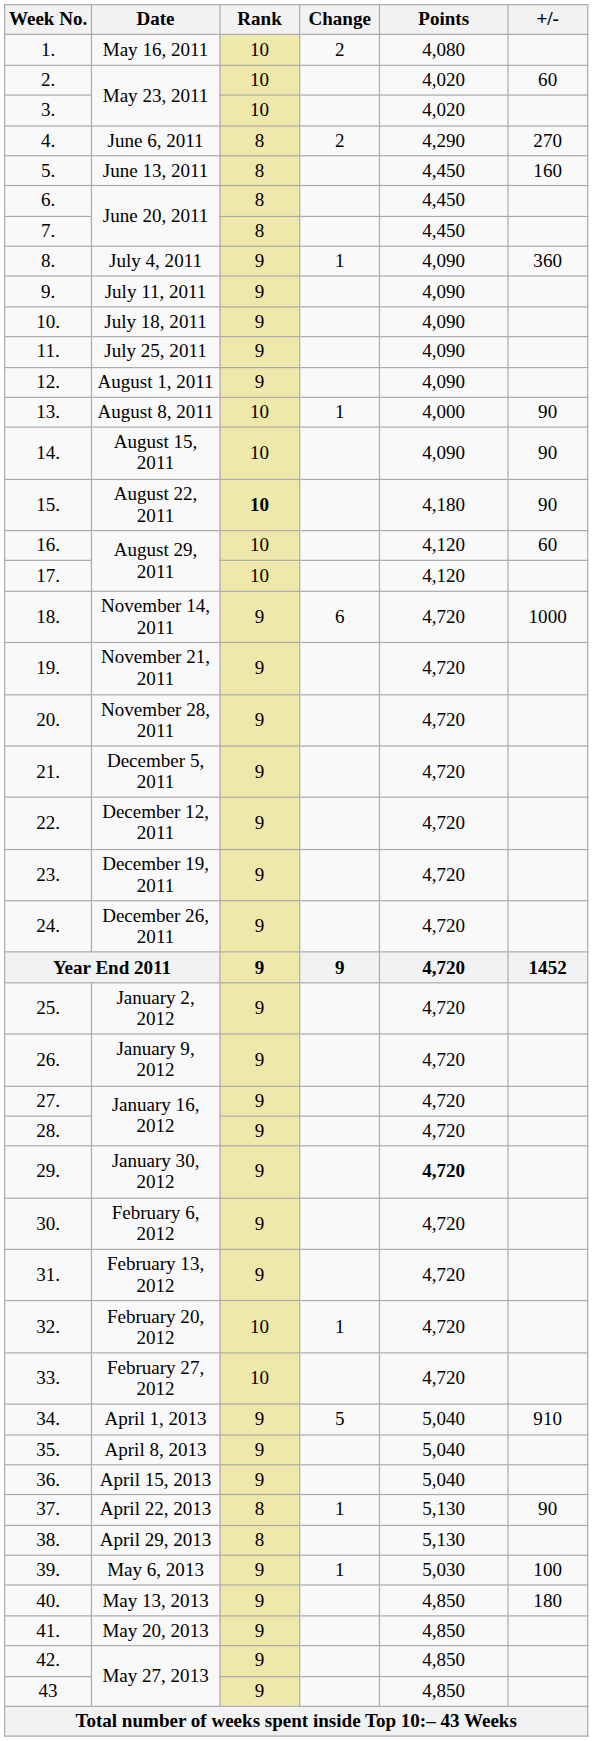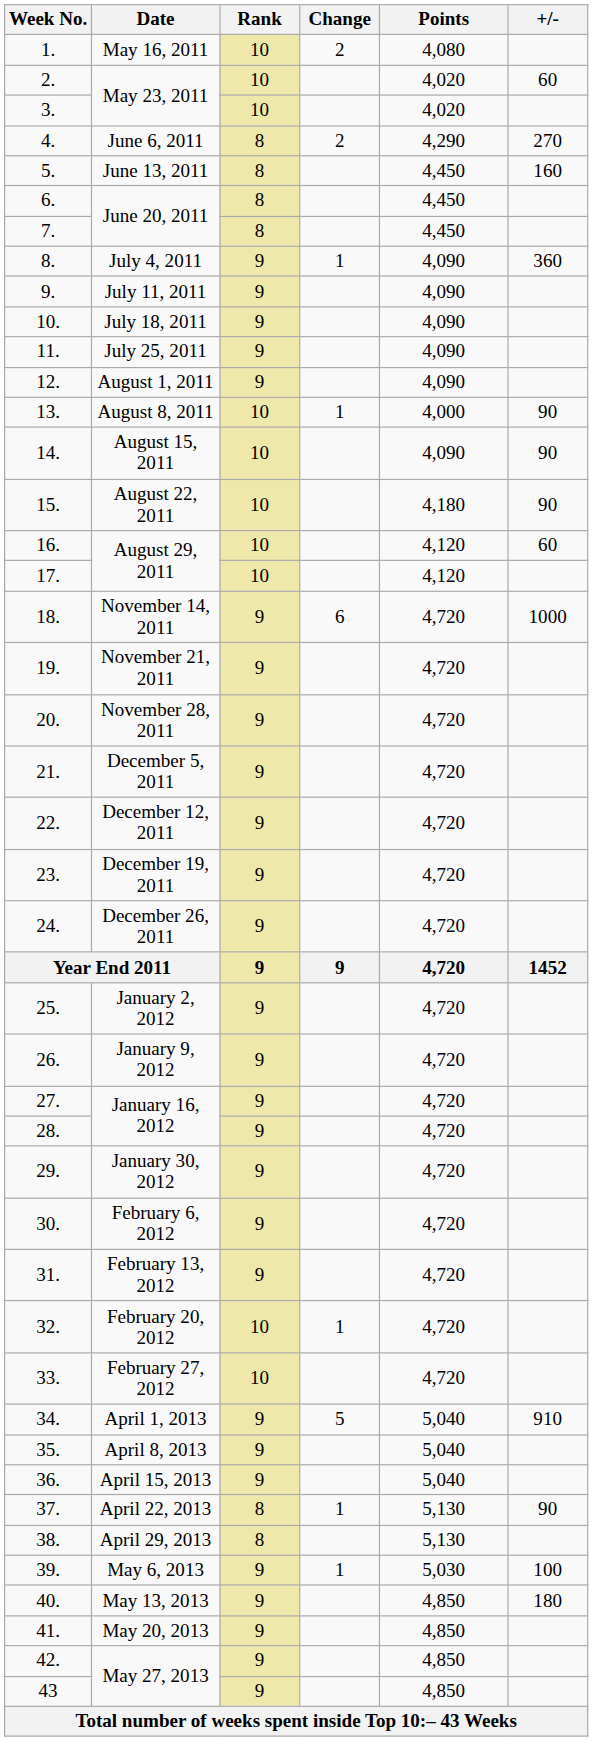 <table class="wikitable nowrap" style="text-align:center; display:inline-table;">
 <tr>
 <th style="text-align:center;">Week No.</th>
 <th width="100">Date</th>
 <th width="60">Rank</th>
 <th width="60">Change</th>
 <th width="100">Points</th>
 <th width="60">+/-</th>
 </tr>
 <tr>
 <td>1.</td>
 <td>May 16, 2011</td>
 <td bgcolor=#EEE8AA>10</td>
 <td> 2</td>
 <td>4,080</td>
 <td></td>
 </tr>
 <tr>
 <td>2.</td>
 <td rowspan=2>May 23, 2011</td>
 <td bgcolor=#EEE8AA>10</td>
 <td></td>
 <td>4,020</td>
 <td> 60</td>
 </tr>
 <tr>
 <td>3.</td>
 <td bgcolor=#EEE8AA>10</td>
 <td></td>
 <td>4,020</td>
 <td></td>
 </tr>
 <tr>
 <td>4.</td>
 <td>June 6, 2011</td>
 <td bgcolor=#EEE8AA>8</td>
 <td> 2</td>
 <td>4,290</td>
 <td> 270</td>
 </tr>
 <tr>
 <td>5.</td>
 <td>June 13, 2011</td>
 <td bgcolor=#EEE8AA>8</td>
 <td></td>
 <td>4,450</td>
 <td> 160</td>
 </tr>
 <tr>
 <td>6.</td>
 <td rowspan=2>June 20, 2011</td>
 <td bgcolor=#EEE8AA>8</td>
 <td></td>
 <td>4,450</td>
 <td></td>
 </tr>
 <tr>
 <td>7.</td>
 <td bgcolor=#EEE8AA>8</td>
 <td></td>
 <td>4,450</td>
 <td></td>
 </tr>
 <tr>
 <td>8.</td>
 <td>July 4, 2011</td>
 <td bgcolor=#EEE8AA>9</td>
 <td> 1</td>
 <td>4,090</td>
 <td> 360</td>
 </tr>
 <tr>
 <td>9.</td>
 <td>July 11, 2011</td>
 <td bgcolor=#EEE8AA>9</td>
 <td></td>
 <td>4,090</td>
 <td></td>
 </tr>
 <tr>
 <td>10.</td>
 <td>July 18, 2011</td>
 <td bgcolor=#EEE8AA>9</td>
 <td></td>
 <td>4,090</td>
 <td></td>
 </tr>
 <tr>
 <td>11.</td>
 <td>July 25, 2011</td>
 <td bgcolor=#EEE8AA>9</td>
 <td></td>
 <td>4,090</td>
 <td></td>
 </tr>
 <tr>
 <td>12.</td>
 <td>August 1, 2011</td>
 <td bgcolor=#EEE8AA>9</td>
 <td></td>
 <td>4,090</td>
 <td></td>
 </tr>
 <tr>
 <td>13.</td>
 <td>August 8, 2011</td>
 <td bgcolor=#EEE8AA>10</td>
 <td> 1</td>
 <td>4,000</td>
 <td> 90</td>
 </tr>
 <tr>
 <td>14.</td>
 <td>August 15, 2011</td>
 <td bgcolor=#EEE8AA>10</td>
 <td></td>
 <td>4,090</td>
 <td> 90</td>
 </tr>
 <tr>
 <td>15.</td>
 <td>August 22, 2011</td>
-<td bgcolor=#EEE8AA><strong>10</strong></td>
+<td bgcolor=#EEE8AA>10</td>
 <td></td>
 <td>4,180</td>
 <td> 90</td>
 </tr>
 <tr>
 <td>16.</td>
 <td rowspan=2>August 29, 2011</td>
 <td bgcolor=#EEE8AA>10</td>
 <td></td>
 <td>4,120</td>
 <td> 60</td>
 </tr>
 <tr>
 <td>17.</td>
 <td bgcolor=#EEE8AA>10</td>
 <td></td>
 <td>4,120</td>
 <td></td>
 </tr>
 <tr>
 <td>18.</td>
 <td>November 14, 2011</td>
 <td bgcolor=#EEE8AA>9</td>
 <td> 6</td>
 <td>4,720</td>
 <td> 1000</td>
 </tr>
 <tr>
 <td>19.</td>
 <td>November 21, 2011</td>
 <td bgcolor=#EEE8AA>9</td>
 <td></td>
 <td>4,720</td>
 <td></td>
 </tr>
 <tr>
 <td>20.</td>
 <td>November 28, 2011</td>
 <td bgcolor=#EEE8AA>9</td>
 <td></td>
 <td>4,720</td>
 <td></td>
 </tr>
 <tr>
 <td>21.</td>
 <td>December 5, 2011</td>
 <td bgcolor=#EEE8AA>9</td>
 <td></td>
 <td>4,720</td>
 <td></td>
 </tr>
 <tr>
 <td>22.</td>
 <td>December 12, 2011</td>
 <td bgcolor=#EEE8AA>9</td>
 <td></td>
 <td>4,720</td>
 <td></td>
 </tr>
 <tr>
 <td>23.</td>
 <td>December 19, 2011</td>
 <td bgcolor=#EEE8AA>9</td>
 <td></td>
 <td>4,720</td>
 <td></td>
 </tr>
 <tr>
 <td>24.</td>
 <td>December 26, 2011</td>
 <td bgcolor=#EEE8AA>9</td>
 <td></td>
 <td>4,720</td>
 <td></td>
 </tr>
 <tr>
 <th colspan=2>Year End 2011</th>
 <th style=background:#EEE8AA>9</th>
 <th> 9</th>
 <th>4,720</th>
 <th> 1452</th>
 </tr>
 <tr>
 <td>25.</td>
 <td>January 2, 2012</td>
 <td bgcolor=#EEE8AA>9</td>
 <td></td>
 <td>4,720</td>
 <td></td>
 </tr>
 <tr>
 <td>26.</td>
 <td>January 9, 2012</td>
 <td bgcolor=#EEE8AA>9</td>
 <td></td>
 <td>4,720</td>
 <td></td>
 </tr>
 <tr>
 <td>27.</td>
 <td rowspan=2>January 16, 2012</td>
 <td bgcolor=#EEE8AA>9</td>
 <td></td>
 <td>4,720</td>
 <td></td>
 </tr>
 <tr>
 <td>28.</td>
 <td bgcolor=#EEE8AA>9</td>
 <td></td>
 <td>4,720</td>
 <td></td>
 </tr>
 <tr>
 <td>29.</td>
 <td>January 30, 2012</td>
 <td bgcolor=#EEE8AA>9</td>
 <td></td>
-<td><strong>4,720</strong></td>
+<td>4,720</td>
 <td></td>
 </tr>
 <tr>
 <td>30.</td>
 <td>February 6, 2012</td>
 <td bgcolor=#EEE8AA>9</td>
 <td></td>
 <td>4,720</td>
 <td></td>
 </tr>
 <tr>
 <td>31.</td>
 <td>February 13, 2012</td>
 <td bgcolor=#EEE8AA>9</td>
 <td></td>
 <td>4,720</td>
 <td></td>
 </tr>
 <tr>
 <td>32.</td>
 <td>February 20, 2012</td>
 <td bgcolor=#EEE8AA>10</td>
 <td> 1</td>
 <td>4,720</td>
 <td></td>
 </tr>
 <tr>
 <td>33.</td>
 <td>February 27, 2012</td>
 <td bgcolor=#EEE8AA>10</td>
 <td></td>
 <td>4,720</td>
 <td></td>
 </tr>
 <tr>
 <td>34.</td>
 <td>April 1, 2013</td>
 <td bgcolor=#EEE8AA>9</td>
 <td> 5</td>
 <td>5,040</td>
 <td> 910</td>
 </tr>
 <tr>
 <td>35.</td>
 <td>April 8, 2013</td>
 <td bgcolor=#EEE8AA>9</td>
 <td></td>
 <td>5,040</td>
 <td></td>
 </tr>
 <tr>
 <td>36.</td>
 <td>April 15, 2013</td>
 <td bgcolor=#EEE8AA>9</td>
 <td></td>
 <td>5,040</td>
 <td></td>
 </tr>
 <tr>
 <td>37.</td>
 <td>April 22, 2013</td>
 <td bgcolor=#EEE8AA>8</td>
 <td> 1</td>
 <td>5,130</td>
 <td> 90</td>
 </tr>
 <tr>
 <td>38.</td>
 <td>April 29, 2013</td>
 <td bgcolor=#EEE8AA>8</td>
 <td></td>
 <td>5,130</td>
 <td></td>
 </tr>
 <tr>
 <td>39.</td>
 <td>May 6, 2013</td>
 <td bgcolor=#EEE8AA>9</td>
 <td> 1</td>
 <td>5,030</td>
 <td> 100</td>
 </tr>
 <tr>
 <td>40.</td>
 <td>May 13, 2013</td>
 <td bgcolor=#EEE8AA>9</td>
 <td></td>
 <td>4,850</td>
 <td> 180</td>
 </tr>
 <tr>
 <td>41.</td>
 <td>May 20, 2013</td>
 <td bgcolor=#EEE8AA>9</td>
 <td></td>
 <td>4,850</td>
 <td></td>
 </tr>
 <tr>
 <td>42.</td>
 <td rowspan=2>May 27, 2013</td>
 <td bgcolor=#EEE8AA>9</td>
 <td></td>
 <td>4,850</td>
 <td></td>
 </tr>
 <tr>
 <td>43</td>
 <td bgcolor=#EEE8AA>9</td>
 <td></td>
 <td>4,850</td>
 <td></td>
 </tr>
 <tr>
 <th colspan=6>Total number of weeks spent inside Top 10:– 43 Weeks</th>
 </tr>
 </table>
